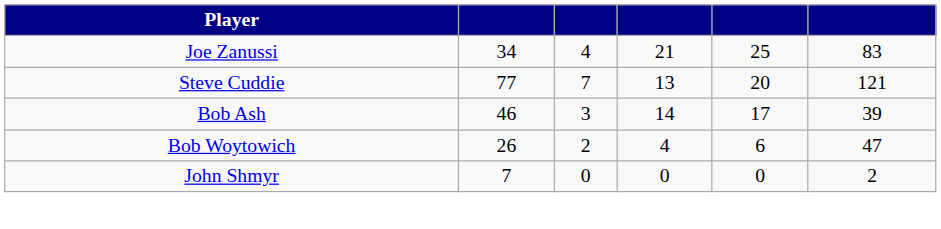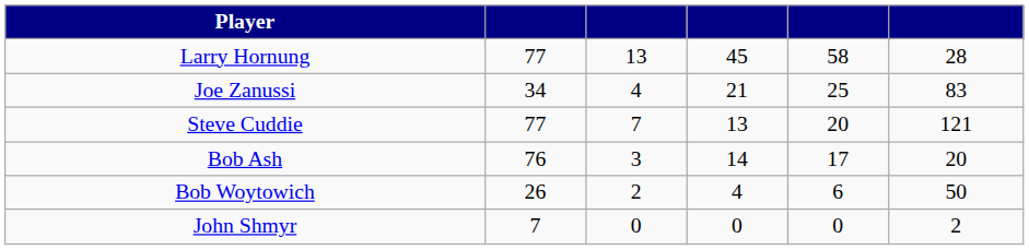 <table class="wikitable sortable" style="width:60%; text-align:center;">
 <tr align=center>
 <th style="color:white; background:#000084; ">Player</th>
 <th style="color:white; background:#000084; "></th>
 <th style="color:white; background:#000084; "></th>
 <th style="color:white; background:#000084; "></th>
 <th style="color:white; background:#000084; "></th>
 <th style="color:white; background:#000084; "></th>
+</tr>
+<tr align="center">
+<td><a href='#'>Larry Hornung</a></td>
+<td>77</td>
+<td>13</td>
+<td>45</td>
+<td>58</td>
+<td>28</td>
 </tr>
 <tr align="center">
 <td><a href='#'>Joe Zanussi</a></td>
 <td>34</td>
 <td>4</td>
 <td>21</td>
 <td>25</td>
 <td>83</td>
 </tr>
 <tr align="center">
 <td><a href='#'>Steve Cuddie</a></td>
 <td>77</td>
 <td>7</td>
 <td>13</td>
 <td>20</td>
 <td>121</td>
 </tr>
 <tr align="center">
 <td><a href='#'>Bob Ash</a></td>
-<td>46</td>
+<td>76</td>
 <td>3</td>
 <td>14</td>
 <td>17</td>
-<td>39</td>
+<td>20</td>
 </tr>
 <tr align="center">
 <td><a href='#'>Bob Woytowich</a></td>
 <td>26</td>
 <td>2</td>
 <td>4</td>
 <td>6</td>
-<td>47</td>
+<td>50</td>
 </tr>
 <tr align="center">
 <td><a href='#'>John Shmyr</a></td>
 <td>7</td>
 <td>0</td>
 <td>0</td>
 <td>0</td>
 <td>2</td>
 </tr>
 </table>
